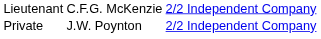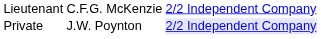 <table>
 <tr>
 <td>Lieutenant</td>
 <td>C.F.G. McKenzie</td>
 <td> <a href='#'>2/2 Independent Company</a></td>
 </tr>
 <tr>
 <td>Private</td>
 <td>J.W. Poynton</td>
-<td> <a href='#'>2/2 Independent Company</a></td>
+<td style="background: lavender;"> <a href='#'>2/2 Independent Company</a></td>
 </tr>
 </table>
